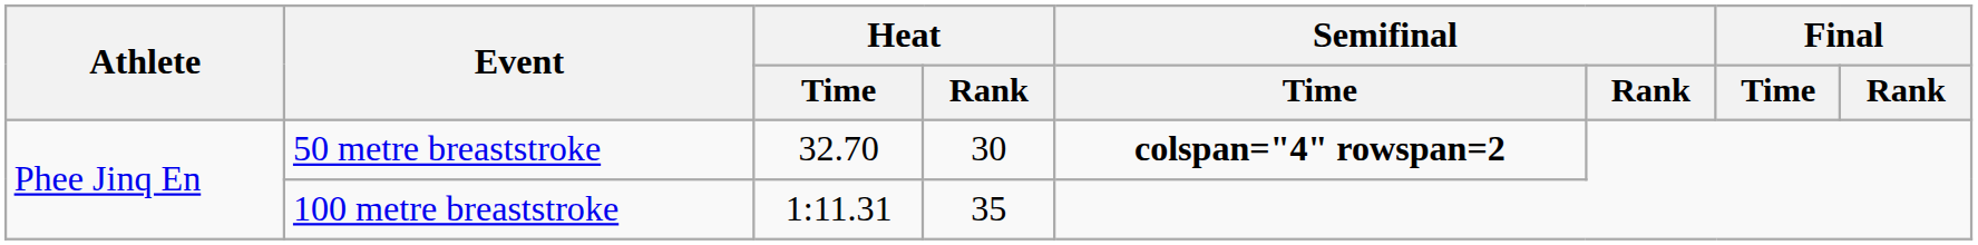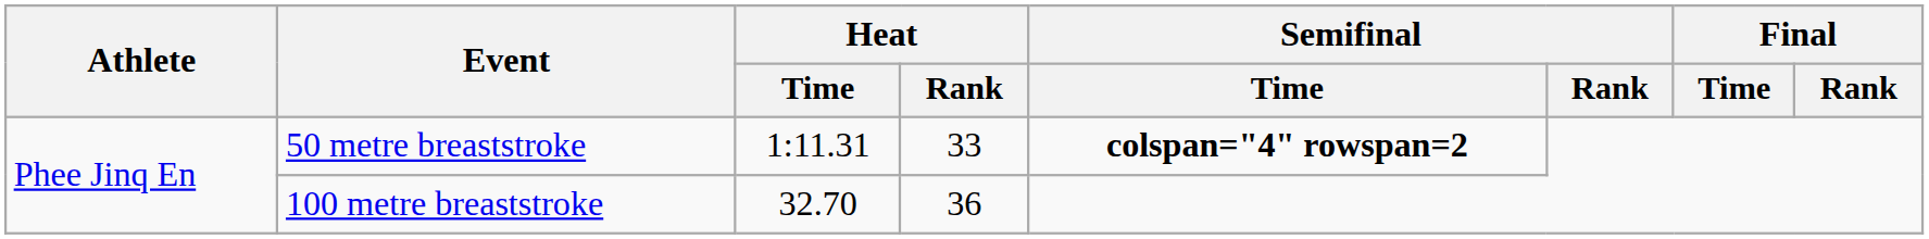 <table class="wikitable" style="text-align:center; font-size:90%; width:50%;">
 <tr>
 <th rowspan="2">Athlete</th>
 <th rowspan="2">Event</th>
 <th colspan="2">Heat</th>
 <th colspan="2">Semifinal</th>
 <th colspan="2">Final</th>
 </tr>
 <tr style="font-size:95%">
 <th>Time</th>
 <th>Rank</th>
 <th>Time</th>
 <th>Rank</th>
 <th>Time</th>
 <th>Rank</th>
 </tr>
 <tr align=center>
 <td align=left rowspan="2"><a href='#'>Phee Jinq En</a></td>
 <td align=left><a href='#'>50 metre breaststroke</a></td>
-<td>32.70</td>
-<td>30</td>
+<td>1:11.31</td>
+<td>33</td>
 <td><strong>colspan="4" rowspan=2 </strong></td>
 </tr>
 <tr align=center>
 <td align=left><a href='#'>100 metre breaststroke</a></td>
-<td>1:11.31</td>
-<td>35</td>
+<td>32.70</td>
+<td>36</td>
 </tr>
 </table>
